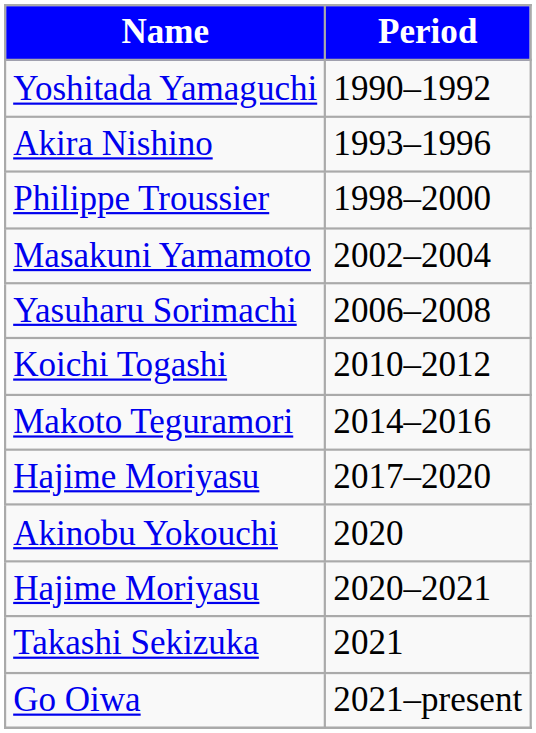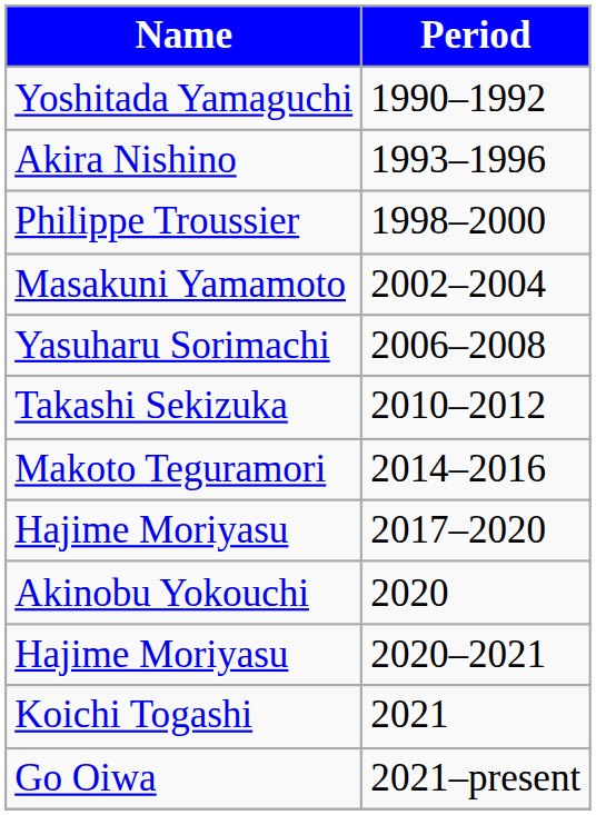 <table class="wikitable" style="text-align: right;">
 <tr>
 <th style=background:blue;color:white>Name</th>
 <th style=background:blue;color:white>Period</th>
 </tr>
 <tr>
 <td style="text-align: left;"> <a href='#'>Yoshitada Yamaguchi</a></td>
 <td style="text-align: left;">1990–1992</td>
 </tr>
 <tr>
 <td style="text-align: left;"> <a href='#'>Akira Nishino</a></td>
 <td style="text-align: left;">1993–1996</td>
 </tr>
 <tr>
 <td style="text-align: left;"> <a href='#'>Philippe Troussier</a></td>
 <td style="text-align: left;">1998–2000</td>
 </tr>
 <tr>
 <td style="text-align: left;"> <a href='#'>Masakuni Yamamoto</a></td>
 <td style="text-align: left;">2002–2004</td>
 </tr>
 <tr>
 <td style="text-align: left;"> <a href='#'>Yasuharu Sorimachi</a></td>
 <td style="text-align: left;">2006–2008</td>
 </tr>
 <tr>
-<td style="text-align: left;"> <a href='#'>Koichi Togashi</a></td>
+<td style="text-align: left;"> <a href='#'>Takashi Sekizuka</a></td>
 <td style="text-align: left;">2010–2012</td>
 </tr>
 <tr>
 <td style="text-align: left;"> <a href='#'>Makoto Teguramori</a></td>
 <td style="text-align: left;">2014–2016</td>
 </tr>
 <tr>
 <td style="text-align: left;"> <a href='#'>Hajime Moriyasu</a></td>
 <td style="text-align: left;">2017–2020</td>
 </tr>
 <tr>
 <td style="text-align: left;"> <a href='#'>Akinobu Yokouchi</a></td>
 <td style="text-align: left;">2020</td>
 </tr>
 <tr>
 <td style="text-align: left;"> <a href='#'>Hajime Moriyasu</a></td>
 <td style="text-align: left;">2020–2021</td>
 </tr>
 <tr>
-<td style="text-align: left;"> <a href='#'>Takashi Sekizuka</a></td>
+<td style="text-align: left;"> <a href='#'>Koichi Togashi</a></td>
 <td style="text-align: left;">2021</td>
 </tr>
 <tr>
 <td style="text-align: left;"> <a href='#'>Go Oiwa</a></td>
 <td style="text-align: left;">2021–present</td>
 </tr>
 <tr>
 </tr>
 </table>
